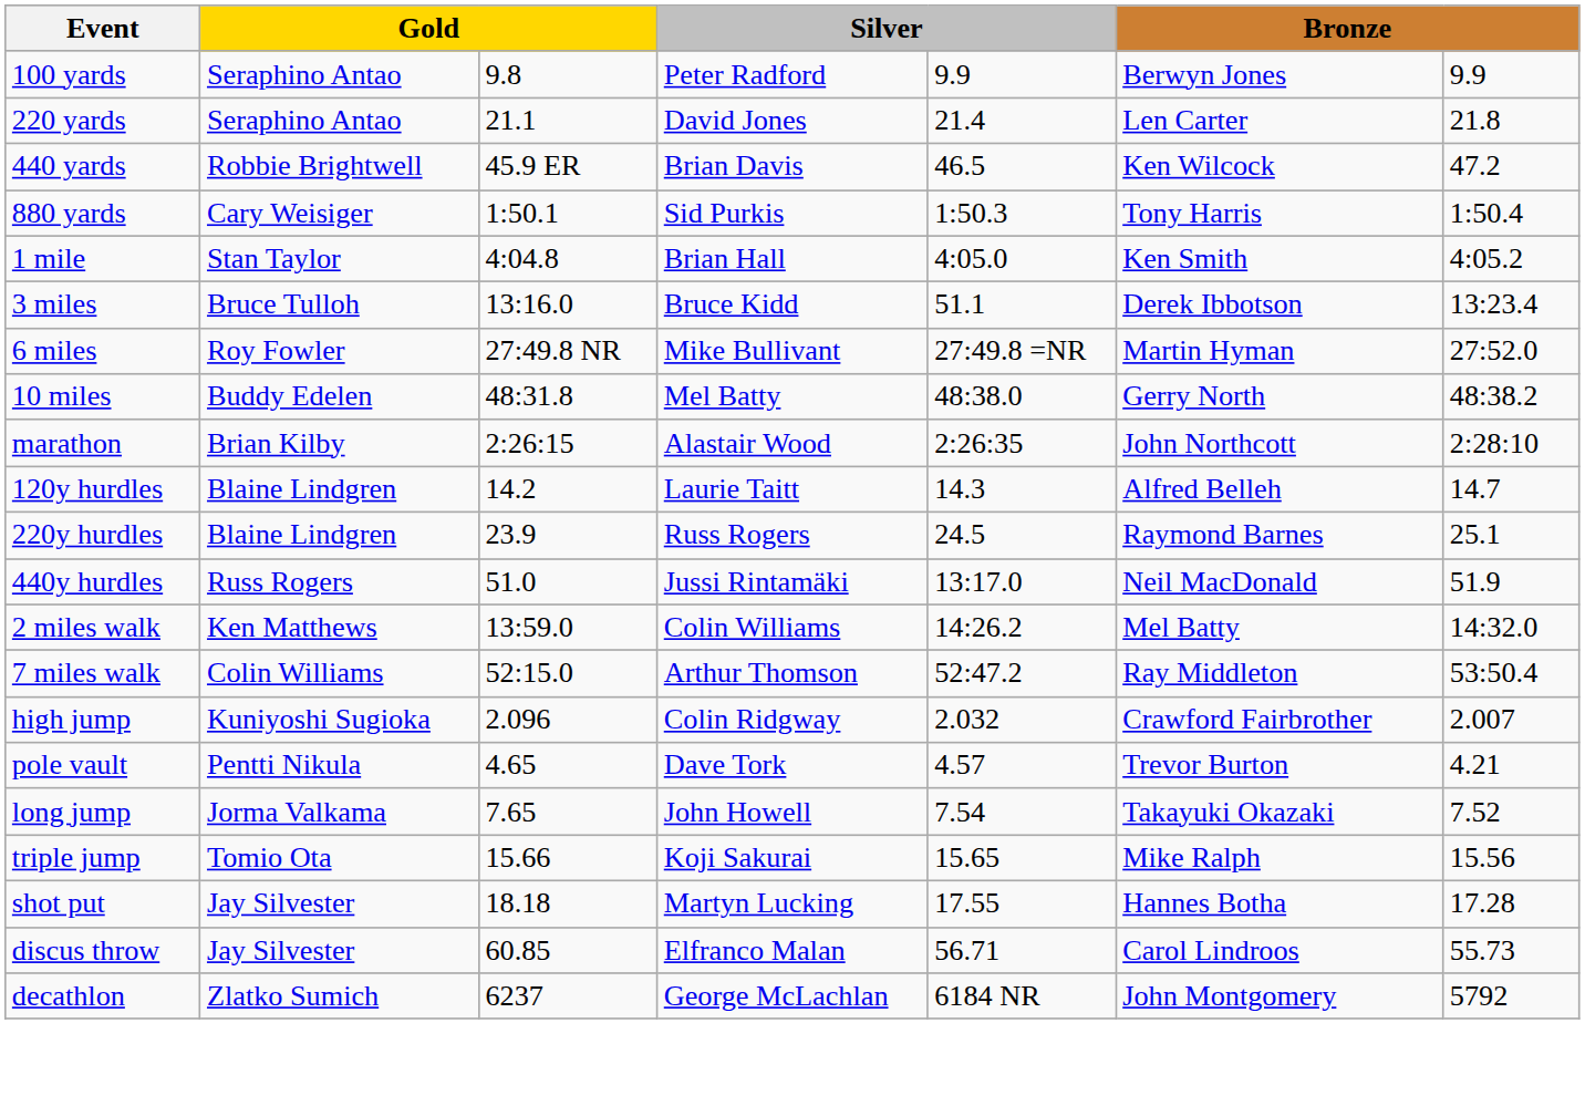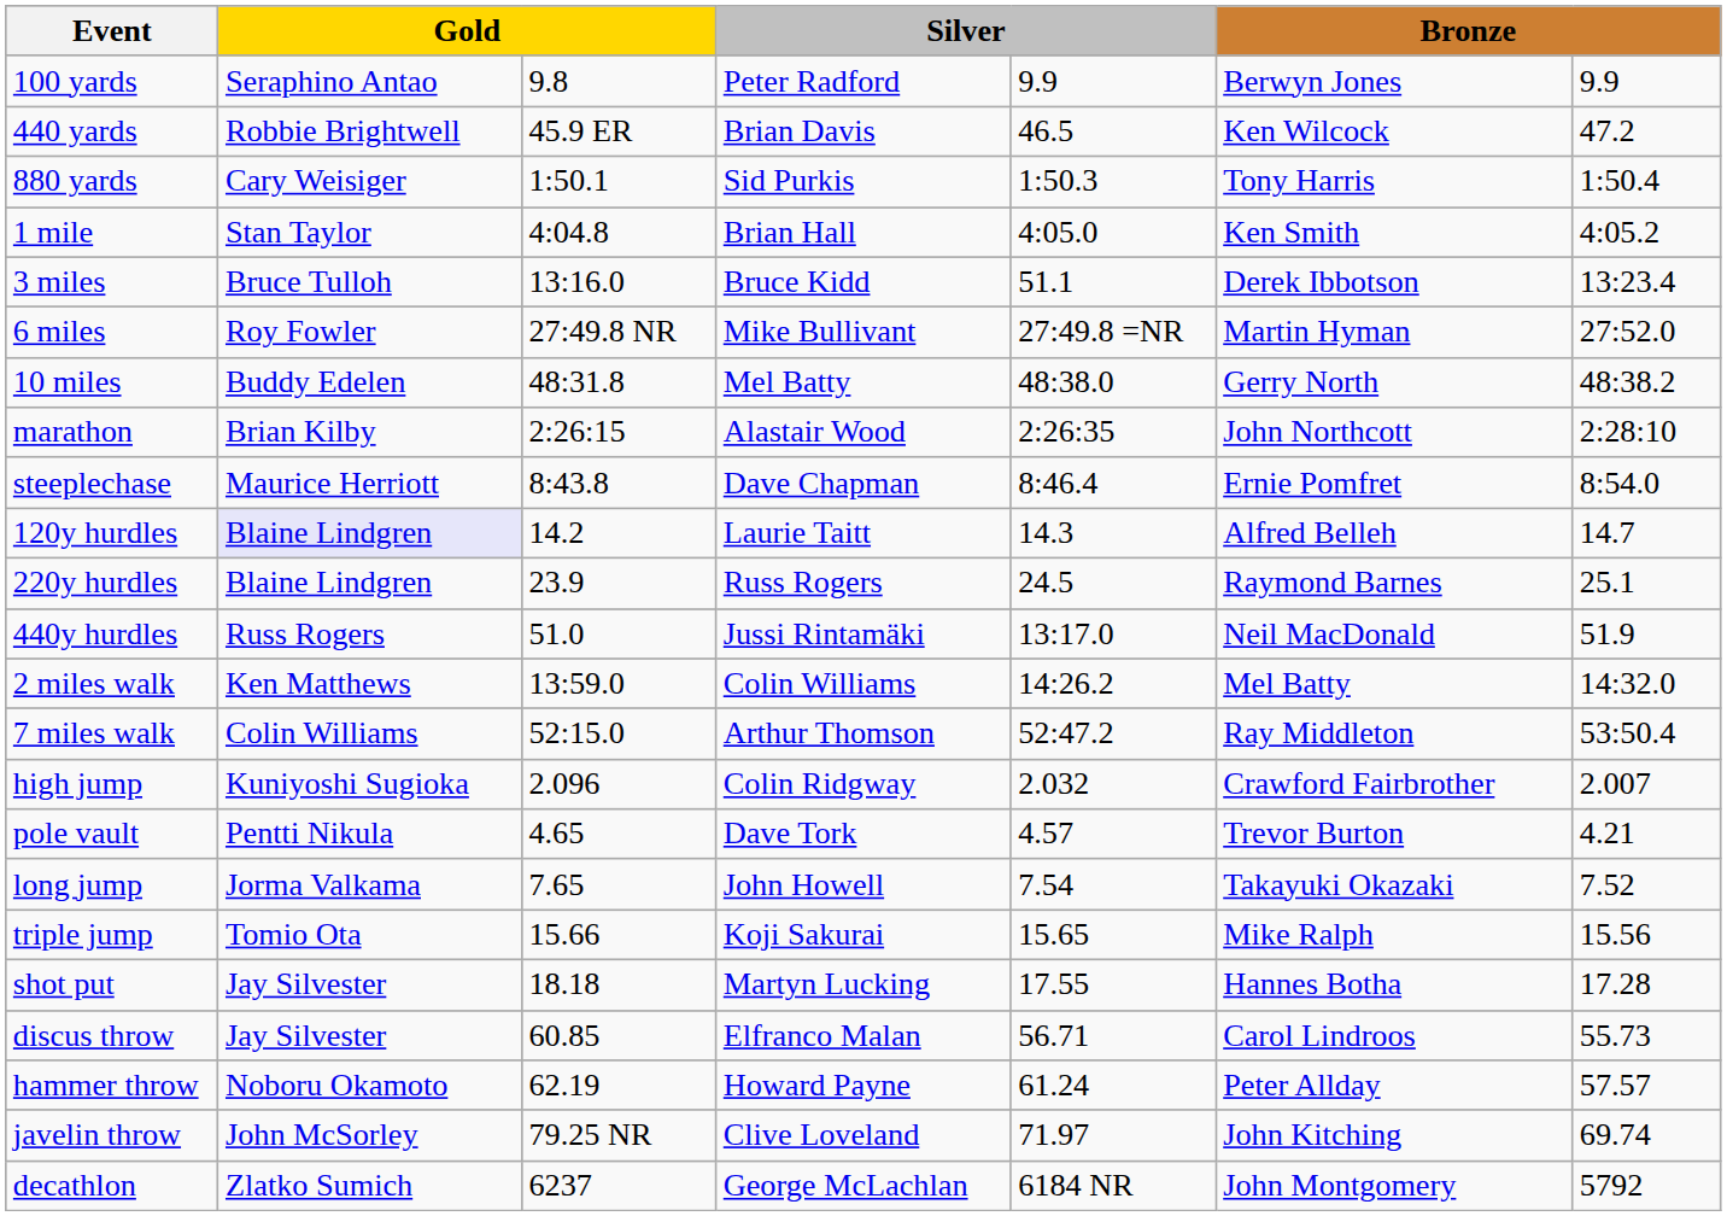 <table class="wikitable" style="text-align:left">
 <tr>
 <th width=100>Event</th>
 <th colspan="2" width="280" style="background:gold;">Gold</th>
 <th colspan="2" width="280" style="background:silver;">Silver</th>
 <th colspan="2" width="280" style="background:#CD7F32;">Bronze</th>
 </tr>
 <tr>
 <td><a href='#'>100 yards</a></td>
 <td> <a href='#'>Seraphino Antao</a></td>
 <td>9.8</td>
 <td><a href='#'>Peter Radford</a></td>
 <td>9.9</td>
 <td> <a href='#'>Berwyn Jones</a></td>
 <td>9.9</td>
-</tr>
-<tr>
-<td><a href='#'>220 yards</a></td>
-<td> <a href='#'>Seraphino Antao</a></td>
-<td>21.1</td>
-<td><a href='#'>David Jones</a></td>
-<td>21.4</td>
-<td><a href='#'>Len Carter</a></td>
-<td>21.8</td>
 </tr>
 <tr>
 <td><a href='#'>440 yards</a></td>
 <td><a href='#'>Robbie Brightwell</a></td>
 <td>45.9 ER</td>
 <td> <a href='#'>Brian Davis</a></td>
 <td>46.5</td>
 <td><a href='#'>Ken Wilcock</a></td>
 <td>47.2</td>
 </tr>
 <tr>
 <td><a href='#'>880 yards</a></td>
 <td> <a href='#'>Cary Weisiger</a></td>
 <td>1:50.1</td>
 <td><a href='#'>Sid Purkis</a></td>
 <td>1:50.3</td>
 <td> <a href='#'>Tony Harris</a></td>
 <td>1:50.4</td>
 </tr>
 <tr>
 <td><a href='#'>1 mile</a></td>
 <td><a href='#'>Stan Taylor</a></td>
 <td>4:04.8</td>
 <td><a href='#'>Brian Hall</a></td>
 <td>4:05.0</td>
 <td><a href='#'>Ken Smith</a></td>
 <td>4:05.2</td>
 </tr>
 <tr>
 <td><a href='#'>3 miles</a></td>
 <td><a href='#'>Bruce Tulloh</a></td>
 <td>13:16.0</td>
 <td> <a href='#'>Bruce Kidd</a></td>
 <td>51.1</td>
 <td><a href='#'>Derek Ibbotson</a></td>
 <td>13:23.4</td>
 </tr>
 <tr>
 <td><a href='#'>6 miles</a></td>
 <td><a href='#'>Roy Fowler</a></td>
 <td>27:49.8 NR</td>
 <td><a href='#'>Mike Bullivant</a></td>
 <td>27:49.8 =NR</td>
 <td><a href='#'>Martin Hyman</a></td>
 <td>27:52.0</td>
 </tr>
 <tr>
 <td><a href='#'>10 miles</a></td>
 <td> <a href='#'>Buddy Edelen</a></td>
 <td>48:31.8</td>
 <td><a href='#'>Mel Batty</a></td>
 <td>48:38.0</td>
 <td><a href='#'>Gerry North</a></td>
 <td>48:38.2</td>
 </tr>
 <tr>
 <td><a href='#'>marathon</a></td>
 <td><a href='#'>Brian Kilby</a></td>
 <td>2:26:15</td>
 <td> <a href='#'>Alastair Wood</a></td>
 <td>2:26:35</td>
 <td><a href='#'>John Northcott</a></td>
 <td>2:28:10</td>
 </tr>
 <tr>
+<td><a href='#'>steeplechase</a></td>
+<td><a href='#'>Maurice Herriott</a></td>
+<td>8:43.8</td>
+<td><a href='#'>Dave Chapman</a></td>
+<td>8:46.4</td>
+<td><a href='#'>Ernie Pomfret</a></td>
+<td>8:54.0</td>
+</tr>
+<tr>
 <td><a href='#'>120y hurdles</a></td>
-<td> <a href='#'>Blaine Lindgren</a></td>
+<td style="background: lavender;"> <a href='#'>Blaine Lindgren</a></td>
 <td>14.2</td>
 <td><a href='#'>Laurie Taitt</a></td>
 <td>14.3</td>
 <td> <a href='#'>Alfred Belleh</a></td>
 <td>14.7</td>
 </tr>
 <tr>
 <td><a href='#'>220y hurdles</a></td>
 <td> <a href='#'>Blaine Lindgren</a></td>
 <td>23.9</td>
 <td> <a href='#'>Russ Rogers </a></td>
 <td>24.5</td>
 <td><a href='#'>Raymond Barnes</a></td>
 <td>25.1</td>
 </tr>
 <tr>
 <td><a href='#'>440y hurdles</a></td>
 <td> <a href='#'>Russ Rogers</a></td>
 <td>51.0</td>
 <td> <a href='#'>Jussi Rintamäki</a></td>
 <td>13:17.0</td>
 <td> <a href='#'>Neil MacDonald</a></td>
 <td>51.9</td>
 </tr>
 <tr>
 <td><a href='#'>2 miles walk</a></td>
 <td><a href='#'>Ken Matthews</a></td>
 <td>13:59.0</td>
 <td><a href='#'>Colin Williams</a></td>
 <td>14:26.2</td>
 <td><a href='#'>Mel Batty</a></td>
 <td>14:32.0</td>
 </tr>
 <tr>
 <td><a href='#'>7 miles walk</a></td>
 <td><a href='#'>Colin Williams</a></td>
 <td>52:15.0</td>
 <td><a href='#'>Arthur Thomson</a></td>
 <td>52:47.2</td>
 <td><a href='#'>Ray Middleton</a></td>
 <td>53:50.4</td>
 </tr>
 <tr>
 <td><a href='#'>high jump</a></td>
 <td> <a href='#'>Kuniyoshi Sugioka</a></td>
 <td>2.096</td>
 <td> <a href='#'>Colin Ridgway</a></td>
 <td>2.032</td>
 <td> <a href='#'>Crawford Fairbrother</a></td>
 <td>2.007</td>
 </tr>
 <tr>
 <td><a href='#'>pole vault</a></td>
 <td> <a href='#'>Pentti Nikula</a></td>
 <td>4.65</td>
 <td> <a href='#'>Dave Tork</a></td>
 <td>4.57</td>
 <td><a href='#'>Trevor Burton</a></td>
 <td>4.21</td>
 </tr>
 <tr>
 <td><a href='#'>long jump</a></td>
 <td> <a href='#'>Jorma Valkama</a></td>
 <td>7.65</td>
 <td><a href='#'>John Howell</a></td>
 <td>7.54</td>
 <td> <a href='#'>Takayuki Okazaki</a></td>
 <td>7.52</td>
 </tr>
 <tr>
 <td><a href='#'>triple jump</a></td>
 <td> <a href='#'>Tomio Ota</a></td>
 <td>15.66</td>
 <td> <a href='#'>Koji Sakurai</a></td>
 <td>15.65</td>
 <td><a href='#'>Mike Ralph</a></td>
 <td>15.56</td>
 </tr>
 <tr>
 <td><a href='#'>shot put</a></td>
 <td> <a href='#'>Jay Silvester</a></td>
 <td>18.18</td>
 <td><a href='#'>Martyn Lucking</a></td>
 <td>17.55</td>
 <td> <a href='#'>Hannes Botha</a></td>
 <td>17.28</td>
 </tr>
 <tr>
 <td><a href='#'>discus throw</a></td>
 <td> <a href='#'>Jay Silvester</a></td>
 <td>60.85</td>
 <td> <a href='#'>Elfranco Malan</a></td>
 <td>56.71</td>
 <td> <a href='#'>Carol Lindroos</a></td>
 <td>55.73</td>
 </tr>
 <tr>
+<td><a href='#'>hammer throw</a></td>
+<td> <a href='#'>Noboru Okamoto</a></td>
+<td>62.19</td>
+<td><a href='#'>Howard Payne</a></td>
+<td>61.24</td>
+<td><a href='#'>Peter Allday</a></td>
+<td>57.57</td>
+</tr>
+<tr>
+<td><a href='#'>javelin throw</a></td>
+<td><a href='#'>John McSorley</a></td>
+<td>79.25 NR</td>
+<td><a href='#'>Clive Loveland</a></td>
+<td>71.97</td>
+<td><a href='#'>John Kitching</a></td>
+<td>69.74</td>
+</tr>
+<tr>
 <td><a href='#'>decathlon</a></td>
 <td> <a href='#'>Zlatko Sumich</a></td>
 <td>6237</td>
 <td> <a href='#'>George McLachlan</a></td>
 <td>6184 NR</td>
 <td> <a href='#'>John Montgomery</a></td>
 <td>5792</td>
 </tr>
 </table>
